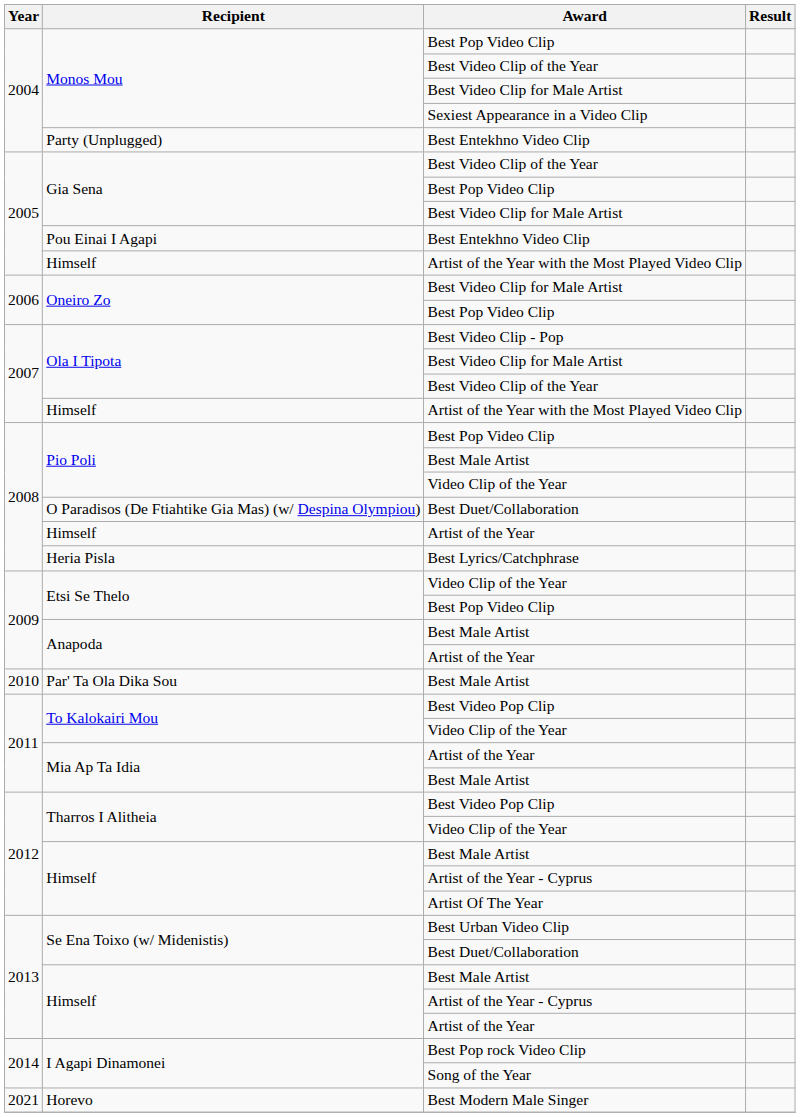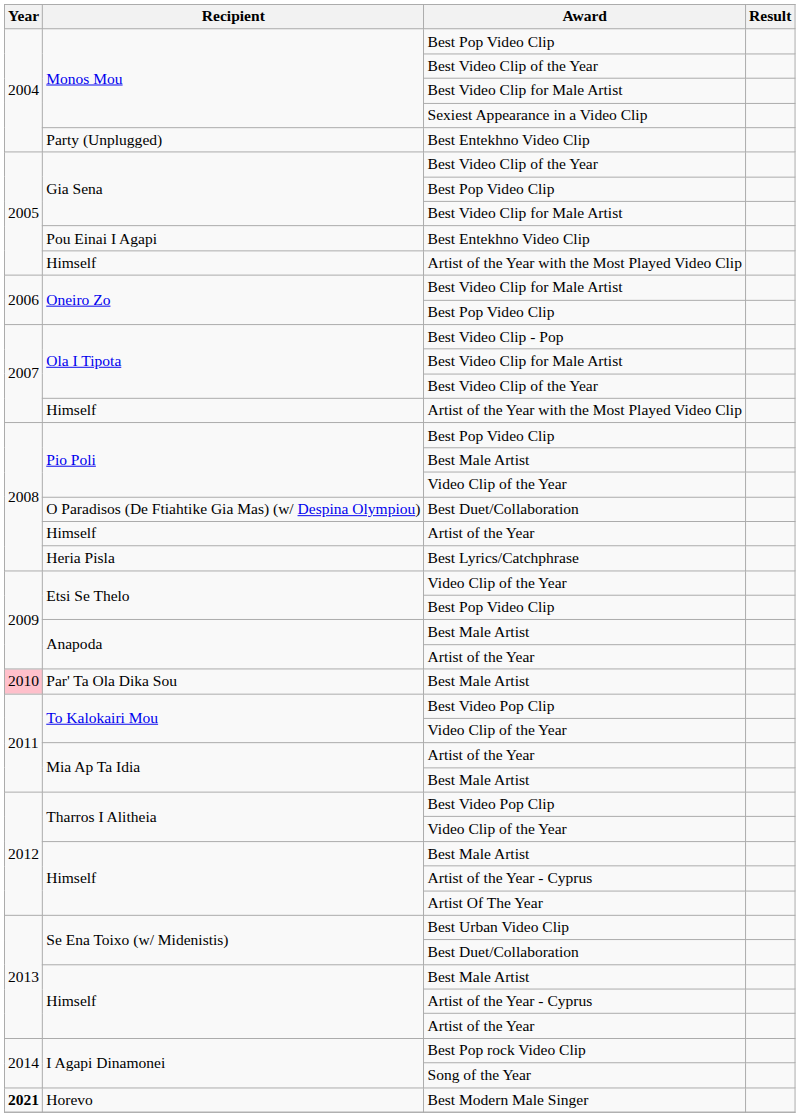 <table class="wikitable">
 <tr>
 <th>Year</th>
 <th>Recipient</th>
 <th>Award</th>
 <th>Result</th>
 </tr>
 <tr>
 <td rowspan="5">2004</td>
 <td rowspan="4"><a href='#'>Monos Mou</a></td>
 <td>Best Pop Video Clip</td>
 <td></td>
 </tr>
 <tr>
 <td>Best Video Clip of the Year</td>
 <td></td>
 </tr>
 <tr>
 <td>Best Video Clip for Male Artist</td>
 <td></td>
 </tr>
 <tr>
 <td>Sexiest Appearance in a Video Clip</td>
 <td></td>
 </tr>
 <tr>
 <td>Party (Unplugged)</td>
 <td>Best Entekhno Video Clip</td>
 <td></td>
 </tr>
 <tr>
 <td rowspan="5">2005</td>
 <td rowspan="3">Gia Sena</td>
 <td>Best Video Clip of the Year</td>
 <td></td>
 </tr>
 <tr>
 <td>Best Pop Video Clip</td>
 <td></td>
 </tr>
 <tr>
 <td>Best Video Clip for Male Artist</td>
 <td></td>
 </tr>
 <tr>
 <td>Pou Einai I Agapi</td>
 <td>Best Entekhno Video Clip</td>
 <td></td>
 </tr>
 <tr>
 <td>Himself</td>
 <td>Artist of the Year with the Most Played Video Clip</td>
 <td></td>
 </tr>
 <tr>
 <td rowspan="2">2006</td>
 <td rowspan="2"><a href='#'>Oneiro Zo</a></td>
 <td>Best Video Clip for Male Artist</td>
 <td></td>
 </tr>
 <tr>
 <td>Best Pop Video Clip</td>
 <td></td>
 </tr>
 <tr>
 <td rowspan="4">2007</td>
 <td rowspan="3"><a href='#'>Ola I Tipota</a></td>
 <td>Best Video Clip - Pop</td>
 <td></td>
 </tr>
 <tr>
 <td>Best Video Clip for Male Artist</td>
 <td></td>
 </tr>
 <tr>
 <td>Best Video Clip of the Year</td>
 <td></td>
 </tr>
 <tr>
 <td>Himself</td>
 <td>Artist of the Year with the Most Played Video Clip</td>
 <td></td>
 </tr>
 <tr>
 <td rowspan="6">2008</td>
 <td rowspan="3"><a href='#'>Pio Poli</a></td>
 <td>Best Pop Video Clip</td>
 <td></td>
 </tr>
 <tr>
 <td>Best Male Artist</td>
 <td></td>
 </tr>
 <tr>
 <td>Video Clip of the Year</td>
 <td></td>
 </tr>
 <tr>
 <td>O Paradisos (De Ftiahtike Gia Mas) (w/ <a href='#'>Despina Olympiou</a>)</td>
 <td>Best Duet/Collaboration</td>
 <td></td>
 </tr>
 <tr>
 <td>Himself</td>
 <td>Artist of the Year</td>
 <td></td>
 </tr>
 <tr>
 <td>Heria Pisla</td>
 <td>Best Lyrics/Catchphrase</td>
 <td></td>
 </tr>
 <tr>
 <td rowspan="4">2009</td>
 <td rowspan="2">Etsi Se Thelo</td>
 <td>Video Clip of the Year</td>
 <td></td>
 </tr>
 <tr>
 <td>Best Pop Video Clip</td>
 <td></td>
 </tr>
 <tr>
 <td rowspan="2">Anapoda</td>
 <td>Best Male Artist</td>
 <td></td>
 </tr>
 <tr>
 <td>Artist of the Year</td>
 <td></td>
 </tr>
 <tr>
-<td>2010</td>
+<td style="background: pink;">2010</td>
 <td>Par' Ta Ola Dika Sou</td>
 <td>Best Male Artist</td>
 <td></td>
 </tr>
 <tr>
 <td rowspan="4">2011</td>
 <td rowspan="2"><a href='#'>To Kalokairi Mou</a></td>
 <td>Best Video Pop Clip</td>
 <td></td>
 </tr>
 <tr>
 <td>Video Clip of the Year</td>
 <td></td>
 </tr>
 <tr>
 <td rowspan="2">Mia Ap Ta Idia</td>
 <td>Artist of the Year</td>
 <td></td>
 </tr>
 <tr>
 <td>Best Male Artist</td>
 <td></td>
 </tr>
 <tr>
 <td rowspan="5">2012</td>
 <td rowspan="2">Tharros I Alitheia</td>
 <td>Best Video Pop Clip</td>
 <td></td>
 </tr>
 <tr>
 <td>Video Clip of the Year</td>
 <td></td>
 </tr>
 <tr>
 <td rowspan="3">Himself</td>
 <td>Best Male Artist</td>
 <td></td>
 </tr>
 <tr>
 <td>Artist of the Year - Cyprus</td>
 <td></td>
 </tr>
 <tr>
 <td>Artist Of The Year</td>
 <td></td>
 </tr>
 <tr>
 <td rowspan="5">2013</td>
 <td rowspan="2">Se Ena Toixo (w/ Midenistis)</td>
 <td>Best Urban Video Clip</td>
 <td></td>
 </tr>
 <tr>
 <td>Best Duet/Collaboration</td>
 <td></td>
 </tr>
 <tr>
 <td rowspan="3">Himself</td>
 <td>Best Male Artist</td>
 <td></td>
 </tr>
 <tr>
 <td>Artist of the Year - Cyprus</td>
 <td></td>
 </tr>
 <tr>
 <td>Artist of the Year</td>
 <td></td>
 </tr>
 <tr>
 <td rowspan="2">2014</td>
 <td rowspan="2">I Agapi Dinamonei</td>
 <td>Best Pop rock Video Clip</td>
 <td></td>
 </tr>
 <tr>
 <td>Song of the Year</td>
 <td></td>
 </tr>
 <tr>
-<td>2021</td>
+<td><strong>2021</strong></td>
 <td>Horevo</td>
 <td>Best Modern Male Singer</td>
 <td></td>
 </tr>
 <tr>
 </tr>
 </table>
